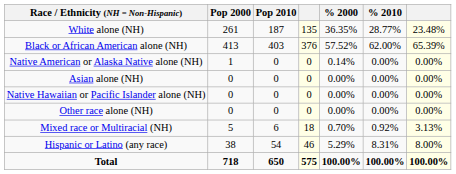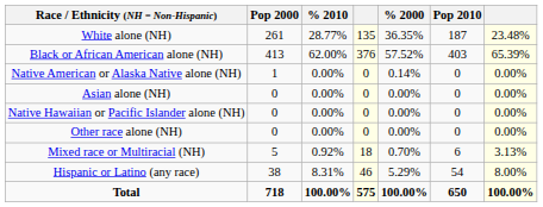 <table class="wikitable" style="text-align:center;">
 <tr>
 <th>Race / Ethnicity <small>(<em>NH = Non-Hispanic</em>)</small></th>
 <th>Pop 2000</th>
-<th>Pop 2010</th>
+<th>% 2010</th>
 <th></th>
 <th>% 2000</th>
-<th>% 2010</th>
+<th>Pop 2010</th>
 <th></th>
 </tr>
 <tr>
 <td><a href='#'>White</a> alone (NH)</td>
 <td>261</td>
-<td>187</td>
+<td>28.77%</td>
 <td style='background: #ffffe6;'>135</td>
 <td>36.35%</td>
-<td>28.77%</td>
+<td>187</td>
 <td style='background: #ffffe6;'>23.48%</td>
 </tr>
 <tr>
 <td><a href='#'>Black or African American</a> alone (NH)</td>
 <td>413</td>
-<td>403</td>
+<td>62.00%</td>
 <td style='background: #ffffe6;'>376</td>
 <td>57.52%</td>
-<td>62.00%</td>
+<td>403</td>
 <td style='background: #ffffe6;'>65.39%</td>
 </tr>
 <tr>
 <td><a href='#'>Native American</a> or <a href='#'>Alaska Native</a> alone (NH)</td>
 <td>1</td>
-<td>0</td>
+<td>0.00%</td>
 <td style='background: #ffffe6;'>0</td>
 <td>0.14%</td>
-<td>0.00%</td>
+<td>0</td>
 <td style='background: #ffffe6;'>0.00%</td>
 </tr>
 <tr>
 <td><a href='#'>Asian</a> alone (NH)</td>
 <td>0</td>
-<td>0</td>
+<td>0.00%</td>
 <td style='background: #ffffe6;'>0</td>
 <td>0.00%</td>
-<td>0.00%</td>
+<td>0</td>
 <td style='background: #ffffe6;'>0.00%</td>
 </tr>
 <tr>
 <td><a href='#'>Native Hawaiian</a> or <a href='#'>Pacific Islander</a> alone (NH)</td>
 <td>0</td>
-<td>0</td>
+<td>0.00%</td>
 <td style='background: #ffffe6;'>0</td>
 <td>0.00%</td>
-<td>0.00%</td>
+<td>0</td>
 <td style='background: #ffffe6;'>0.00%</td>
 </tr>
 <tr>
 <td><a href='#'>Other race</a> alone (NH)</td>
 <td>0</td>
-<td>0</td>
+<td>0.00%</td>
 <td style='background: #ffffe6;'>0</td>
 <td>0.00%</td>
-<td>0.00%</td>
+<td>0</td>
 <td style='background: #ffffe6;'>0.00%</td>
 </tr>
 <tr>
 <td><a href='#'>Mixed race or Multiracial</a> (NH)</td>
 <td>5</td>
-<td>6</td>
+<td>0.92%</td>
 <td style='background: #ffffe6;'>18</td>
 <td>0.70%</td>
-<td>0.92%</td>
+<td>6</td>
 <td style='background: #ffffe6;'>3.13%</td>
 </tr>
 <tr>
 <td><a href='#'>Hispanic or Latino</a> (any race)</td>
 <td>38</td>
-<td>54</td>
+<td>8.31%</td>
 <td style='background: #ffffe6;'>46</td>
 <td>5.29%</td>
-<td>8.31%</td>
+<td>54</td>
 <td style='background: #ffffe6;'>8.00%</td>
 </tr>
 <tr>
 <td><strong>Total</strong></td>
 <td><strong>718</strong></td>
-<td><strong>650</strong></td>
+<td><strong>100.00%</strong></td>
 <td style='background: #ffffe6;'><strong>575</strong></td>
 <td><strong>100.00%</strong></td>
-<td><strong>100.00%</strong></td>
+<td><strong>650</strong></td>
 <td style='background: #ffffe6;'><strong>100.00%</strong></td>
 </tr>
 </table>
